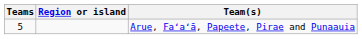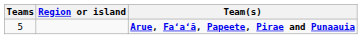 <table class="wikitable" style="text-align:center">
 <tr>
 <th>Teams</th>
 <th><a href='#'>Region</a> or island</th>
 <th>Team(s)</th>
 </tr>
 <tr>
 <td rowspan="2">5</td>
 <td align="left"></td>
-<td><a href='#'>Arue</a>, <a href='#'>Faʻaʻā</a>, <a href='#'>Papeete</a>, <a href='#'>Pirae</a> and <a href='#'>Punaauia</a></td>
+<td><strong><a href='#'>Arue</a>, <a href='#'>Faʻaʻā</a>, <a href='#'>Papeete</a>, <a href='#'>Pirae</a> and <a href='#'>Punaauia</a></strong></td>
 </tr>
 </table>
